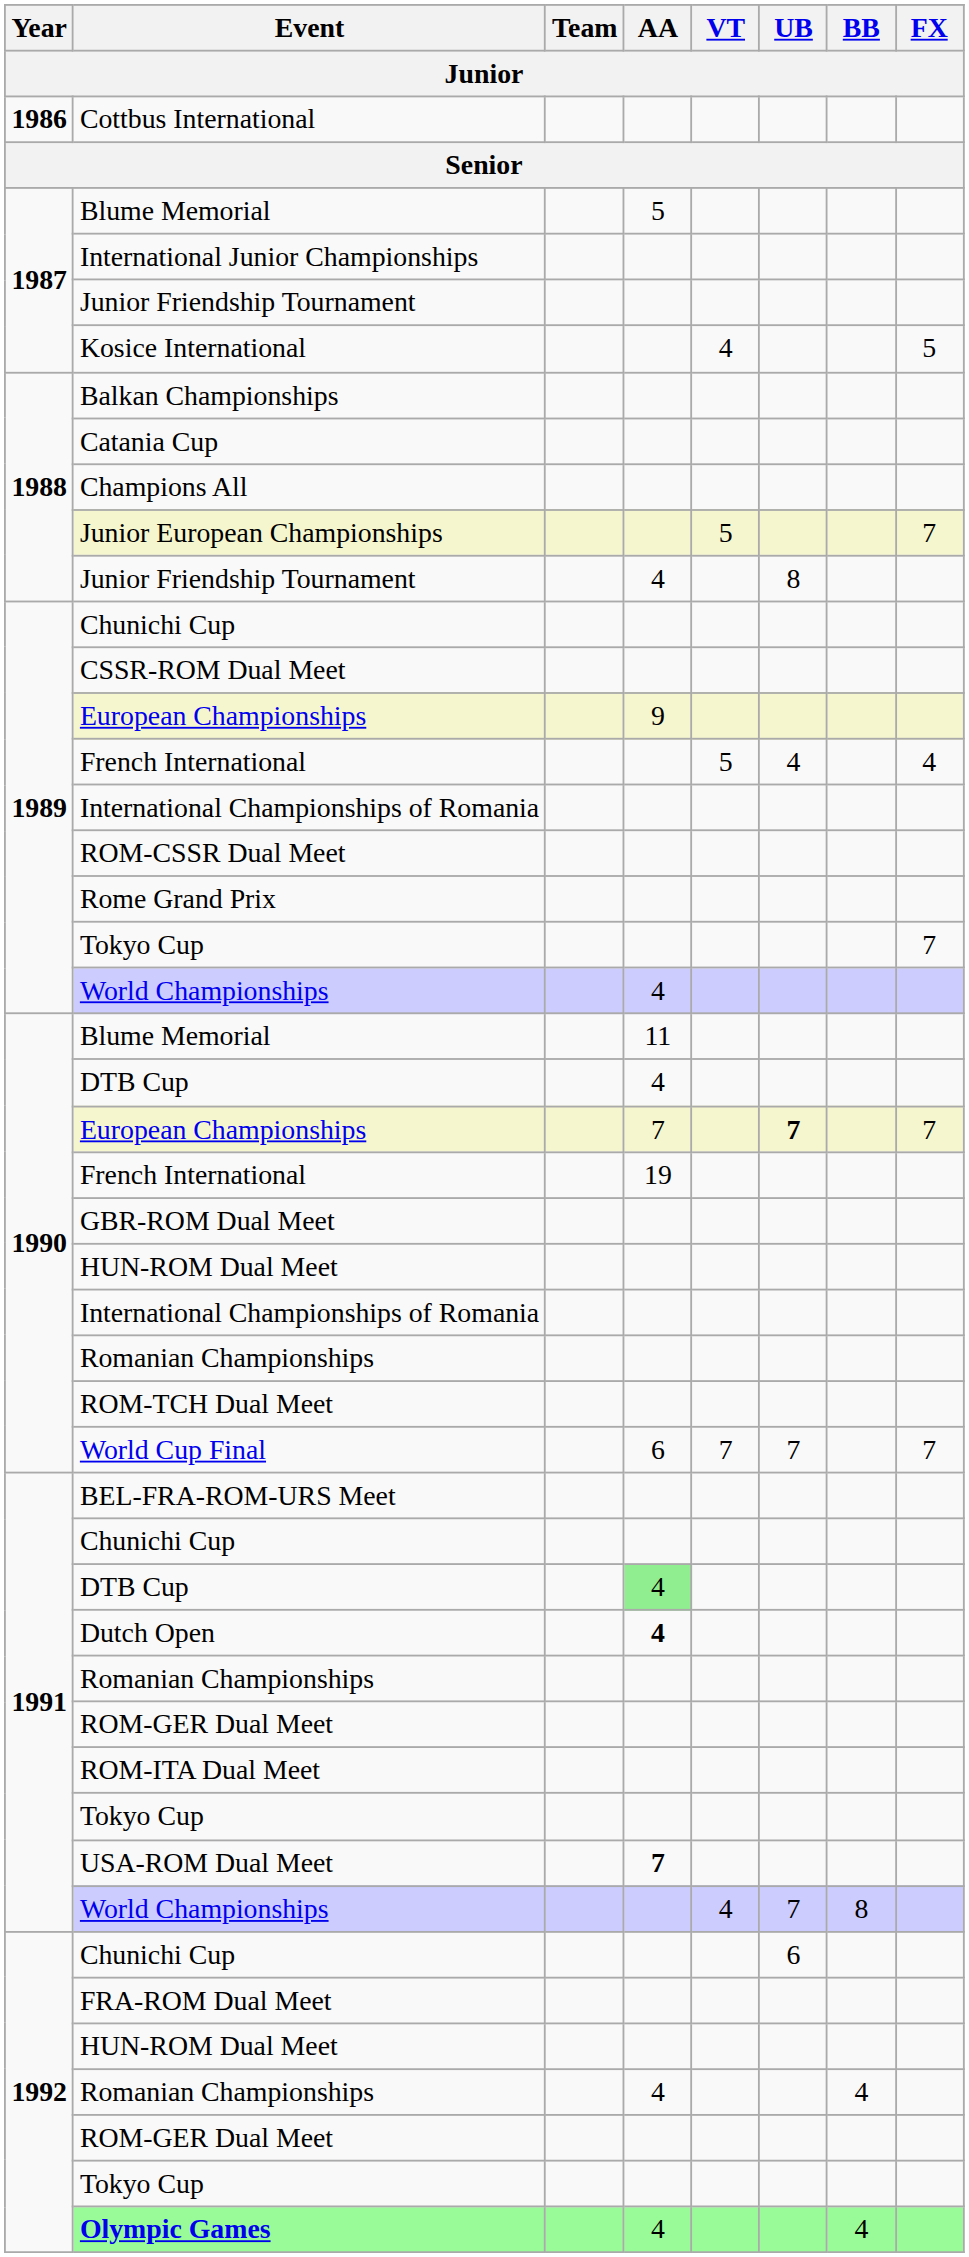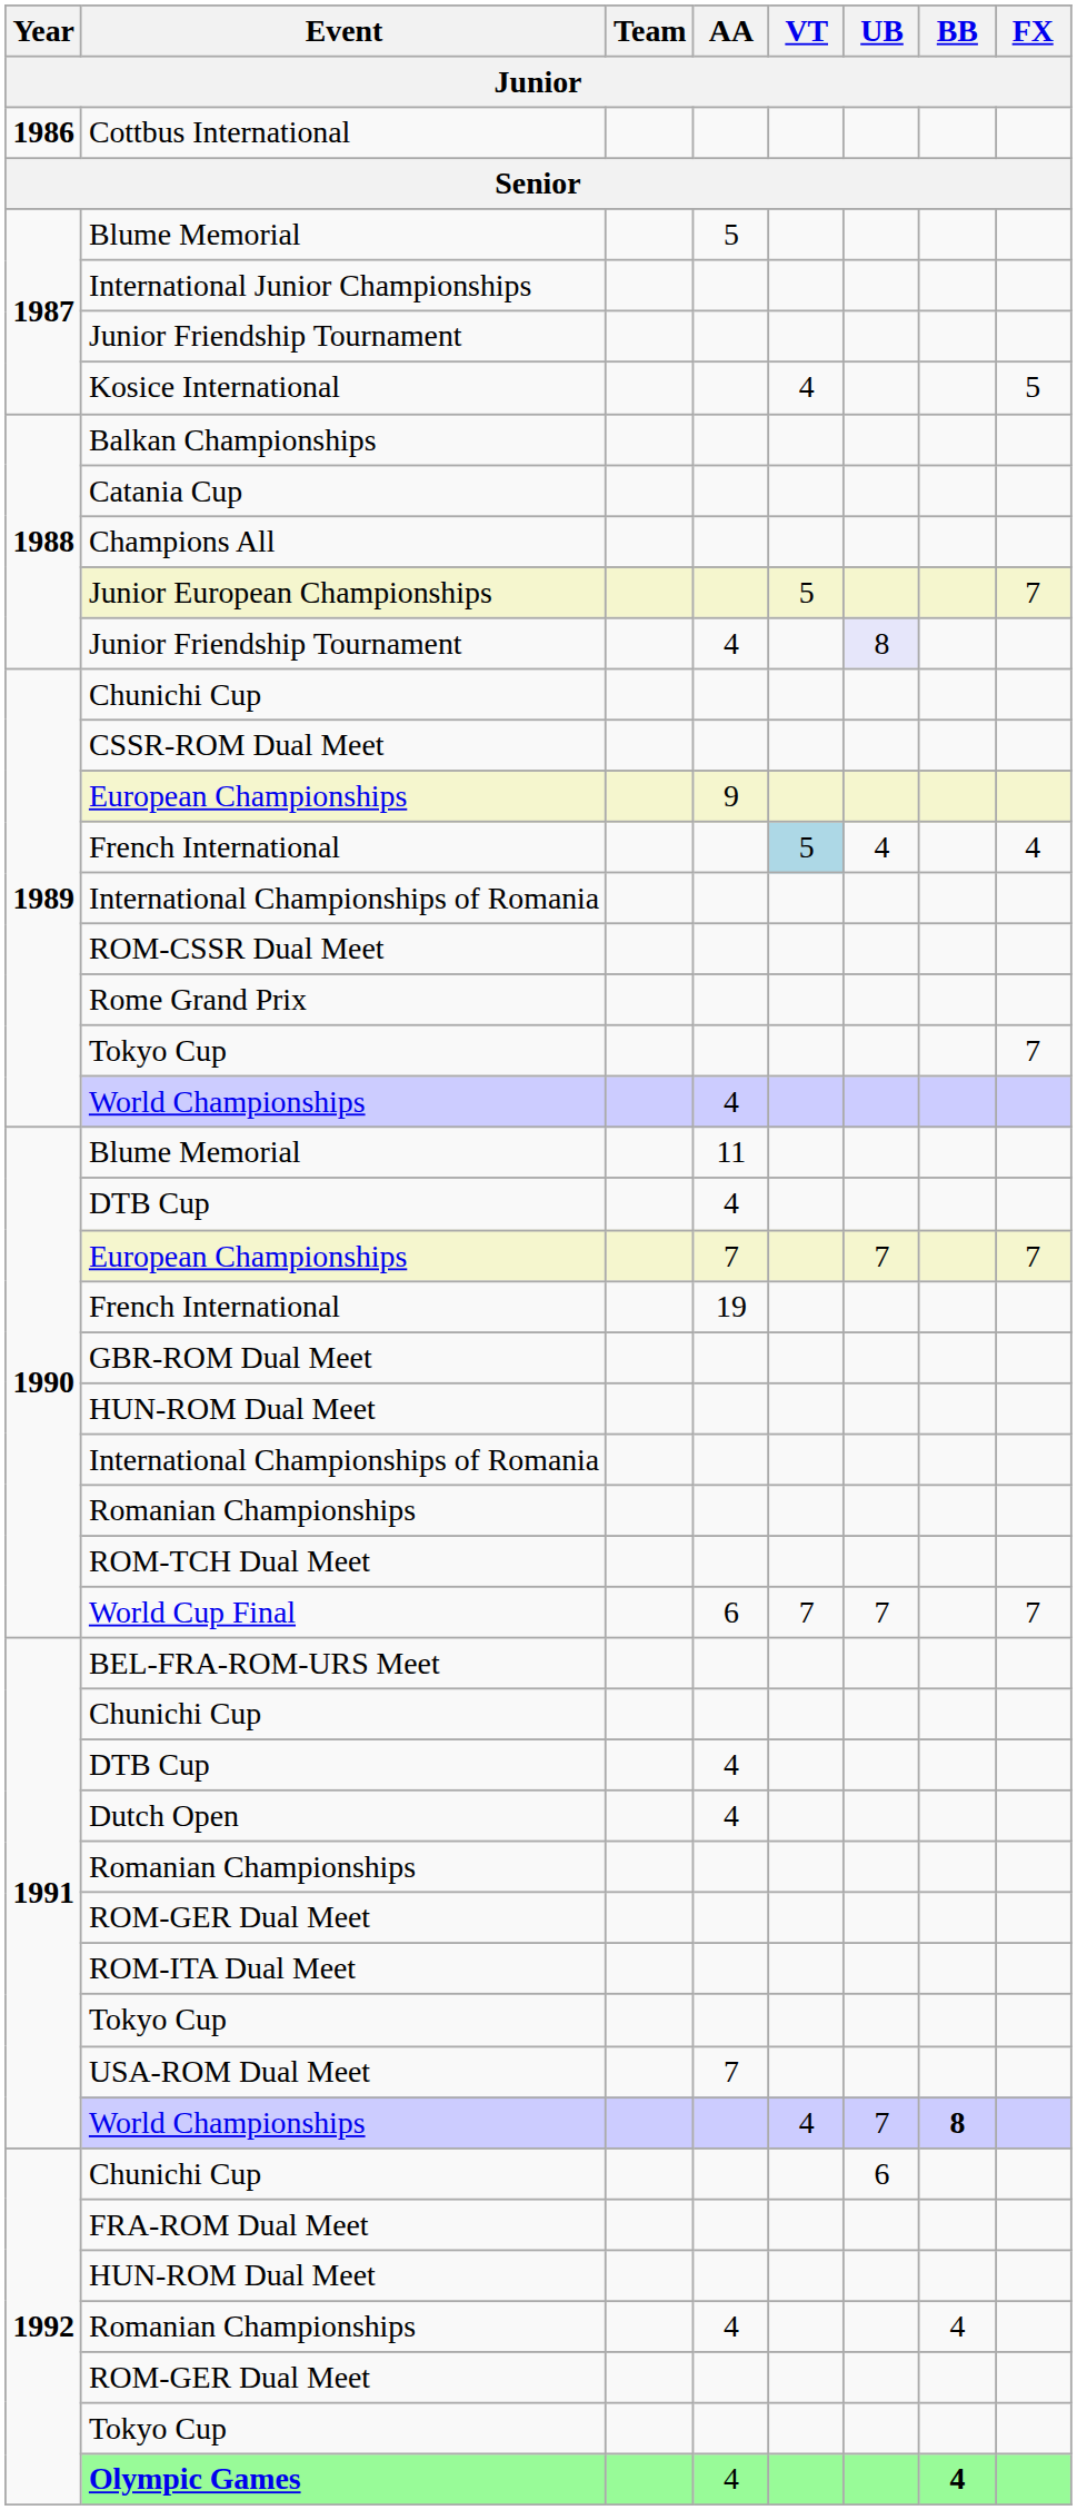 <table class="wikitable" style="text-align:center; font-size:95%;">
 <tr>
 <th align=center>Year</th>
 <th align=center>Event</th>
 <th style="width:30px;">Team</th>
 <th style="width:30px;">AA</th>
 <th style="width:30px;"><a href='#'>VT</a></th>
 <th style="width:30px;"><a href='#'>UB</a></th>
 <th style="width:30px;"><a href='#'>BB</a></th>
 <th style="width:30px;"><a href='#'>FX</a></th>
 </tr>
 <tr>
 <th colspan="8"><strong>Junior</strong></th>
 </tr>
 <tr>
 <td rowspan="1"><strong>1986</strong></td>
 <td align=left>Cottbus International</td>
 <td></td>
 <td></td>
 <td></td>
 <td></td>
 <td></td>
 <td></td>
 </tr>
 <tr>
 <th colspan="8"><strong>Senior</strong></th>
 </tr>
 <tr>
 <td rowspan="4"><strong>1987</strong></td>
 <td align=left>Blume Memorial</td>
 <td></td>
 <td>5</td>
 <td></td>
 <td></td>
 <td></td>
 <td></td>
 </tr>
 <tr>
 <td align=left>International Junior Championships</td>
 <td></td>
 <td></td>
 <td></td>
 <td></td>
 <td></td>
 <td></td>
 </tr>
 <tr>
 <td align=left>Junior Friendship Tournament</td>
 <td></td>
 <td></td>
 <td></td>
 <td></td>
 <td></td>
 <td></td>
 </tr>
 <tr>
 <td align=left>Kosice International</td>
 <td></td>
 <td></td>
 <td>4</td>
 <td></td>
 <td></td>
 <td>5</td>
 </tr>
 <tr>
 <td rowspan="5"><strong>1988</strong></td>
 <td align=left>Balkan Championships</td>
 <td></td>
 <td></td>
 <td></td>
 <td></td>
 <td></td>
 <td></td>
 </tr>
 <tr>
 <td align=left>Catania Cup</td>
 <td></td>
 <td></td>
 <td></td>
 <td></td>
 <td></td>
 <td></td>
 </tr>
 <tr>
 <td align=left>Champions All</td>
 <td></td>
 <td></td>
 <td></td>
 <td></td>
 <td></td>
 <td></td>
 </tr>
 <tr bgcolor=#F5F6CE>
 <td align=left>Junior European Championships</td>
 <td></td>
 <td></td>
 <td>5</td>
 <td></td>
 <td></td>
 <td>7</td>
 </tr>
 <tr>
 <td align=left>Junior Friendship Tournament</td>
 <td></td>
 <td>4</td>
 <td></td>
-<td>8</td>
+<td style="background: lavender;">8</td>
 <td></td>
 <td></td>
 </tr>
 <tr>
 <td rowspan="9"><strong>1989</strong></td>
 <td align=left>Chunichi Cup</td>
 <td></td>
 <td></td>
 <td></td>
 <td></td>
 <td></td>
 <td></td>
 </tr>
 <tr>
 <td align=left>CSSR-ROM Dual Meet</td>
 <td></td>
 <td></td>
 <td></td>
 <td></td>
 <td></td>
 <td></td>
 </tr>
 <tr bgcolor=#F5F6CE>
 <td align=left><a href='#'>European Championships</a></td>
 <td></td>
 <td>9</td>
 <td></td>
 <td></td>
 <td></td>
 <td></td>
 </tr>
 <tr>
 <td align=left>French International</td>
 <td></td>
 <td></td>
-<td>5</td>
+<td style="background: lightblue;">5</td>
 <td>4</td>
 <td></td>
 <td>4</td>
 </tr>
 <tr>
 <td align=left>International Championships of Romania</td>
 <td></td>
 <td></td>
 <td></td>
 <td></td>
 <td></td>
 <td></td>
 </tr>
 <tr>
 <td align=left>ROM-CSSR Dual Meet</td>
 <td></td>
 <td></td>
 <td></td>
 <td></td>
 <td></td>
 <td></td>
 </tr>
 <tr>
 <td align=left>Rome Grand Prix</td>
 <td></td>
 <td></td>
 <td></td>
 <td></td>
 <td></td>
 <td></td>
 </tr>
 <tr>
 <td align=left>Tokyo Cup</td>
 <td></td>
 <td></td>
 <td></td>
 <td></td>
 <td></td>
 <td>7</td>
 </tr>
 <tr bgcolor=#CCCCFF>
 <td align=left><a href='#'>World Championships</a></td>
 <td></td>
 <td>4</td>
 <td></td>
 <td></td>
 <td></td>
 <td></td>
 </tr>
 <tr>
 <td rowspan="10"><strong>1990</strong></td>
 <td align=left>Blume Memorial</td>
 <td></td>
 <td>11</td>
 <td></td>
 <td></td>
 <td></td>
 <td></td>
 </tr>
 <tr>
 <td align=left>DTB Cup</td>
 <td></td>
 <td>4</td>
 <td></td>
 <td></td>
 <td></td>
 <td></td>
 </tr>
 <tr bgcolor=#F5F6CE>
 <td align=left><a href='#'>European Championships</a></td>
 <td></td>
 <td>7</td>
 <td></td>
-<td><strong>7</strong></td>
+<td>7</td>
 <td></td>
 <td>7</td>
 </tr>
 <tr>
 <td align=left>French International</td>
 <td></td>
 <td>19</td>
 <td></td>
 <td></td>
 <td></td>
 <td></td>
 </tr>
 <tr>
 <td align=left>GBR-ROM Dual Meet</td>
 <td></td>
 <td></td>
 <td></td>
 <td></td>
 <td></td>
 <td></td>
 </tr>
 <tr>
 <td align=left>HUN-ROM Dual Meet</td>
 <td></td>
 <td></td>
 <td></td>
 <td></td>
 <td></td>
 <td></td>
 </tr>
 <tr>
 <td align=left>International Championships of Romania</td>
 <td></td>
 <td></td>
 <td></td>
 <td></td>
 <td></td>
 <td></td>
 </tr>
 <tr>
 <td align=left>Romanian Championships</td>
 <td></td>
 <td></td>
 <td></td>
 <td></td>
 <td></td>
 <td></td>
 </tr>
 <tr>
 <td align=left>ROM-TCH Dual Meet</td>
 <td></td>
 <td></td>
 <td></td>
 <td></td>
 <td></td>
 <td></td>
 </tr>
 <tr>
 <td align=left><a href='#'>World Cup Final</a></td>
 <td></td>
 <td>6</td>
 <td>7</td>
 <td>7</td>
 <td></td>
 <td>7</td>
 </tr>
 <tr>
 <td rowspan="10"><strong>1991</strong></td>
 <td align=left>BEL-FRA-ROM-URS Meet</td>
 <td></td>
 <td></td>
 <td></td>
 <td></td>
 <td></td>
 <td></td>
 </tr>
 <tr>
 <td align=left>Chunichi Cup</td>
 <td></td>
 <td></td>
 <td></td>
 <td></td>
 <td></td>
 <td></td>
 </tr>
 <tr>
 <td align=left>DTB Cup</td>
 <td></td>
-<td style="background: lightgreen;">4</td>
+<td>4</td>
 <td></td>
 <td></td>
 <td></td>
 <td></td>
 </tr>
 <tr>
 <td align=left>Dutch Open</td>
 <td></td>
-<td><strong>4</strong></td>
+<td>4</td>
 <td></td>
 <td></td>
 <td></td>
 <td></td>
 </tr>
 <tr>
 <td align=left>Romanian Championships</td>
 <td></td>
 <td></td>
 <td></td>
 <td></td>
 <td></td>
 <td></td>
 </tr>
 <tr>
 <td align=left>ROM-GER Dual Meet</td>
 <td></td>
 <td></td>
 <td></td>
 <td></td>
 <td></td>
 <td></td>
 </tr>
 <tr>
 <td align=left>ROM-ITA Dual Meet</td>
 <td></td>
 <td></td>
 <td></td>
 <td></td>
 <td></td>
 <td></td>
 </tr>
 <tr>
 <td align=left>Tokyo Cup</td>
 <td></td>
 <td></td>
 <td></td>
 <td></td>
 <td></td>
 <td></td>
 </tr>
 <tr>
 <td align=left>USA-ROM Dual Meet</td>
 <td></td>
-<td><strong>7</strong></td>
+<td>7</td>
 <td></td>
 <td></td>
 <td></td>
 <td></td>
 </tr>
 <tr bgcolor=#CCCCFF>
 <td align=left><a href='#'>World Championships</a></td>
 <td></td>
 <td></td>
 <td>4</td>
 <td>7</td>
-<td>8</td>
+<td><strong>8</strong></td>
 <td></td>
 </tr>
 <tr>
 <td rowspan="7"><strong>1992</strong></td>
 <td align=left>Chunichi Cup</td>
 <td></td>
 <td></td>
 <td></td>
 <td>6</td>
 <td></td>
 <td></td>
 </tr>
 <tr>
 <td align=left>FRA-ROM Dual Meet</td>
 <td></td>
 <td></td>
 <td></td>
 <td></td>
 <td></td>
 <td></td>
 </tr>
 <tr>
 <td align=left>HUN-ROM Dual Meet</td>
 <td></td>
 <td></td>
 <td></td>
 <td></td>
 <td></td>
 <td></td>
 </tr>
 <tr>
 <td align=left>Romanian Championships</td>
 <td></td>
 <td>4</td>
 <td></td>
 <td></td>
 <td>4</td>
 <td></td>
 </tr>
 <tr>
 <td align=left>ROM-GER Dual Meet</td>
 <td></td>
 <td></td>
 <td></td>
 <td></td>
 <td></td>
 <td></td>
 </tr>
 <tr>
 <td align=left>Tokyo Cup</td>
 <td></td>
 <td></td>
 <td></td>
 <td></td>
 <td></td>
 <td></td>
 </tr>
 <tr bgcolor=98FB98>
 <td align=left><strong><a href='#'>Olympic Games</a></strong></td>
 <td></td>
 <td>4</td>
 <td></td>
 <td></td>
-<td>4</td>
+<td><strong>4</strong></td>
 <td></td>
 </tr>
 </table>
